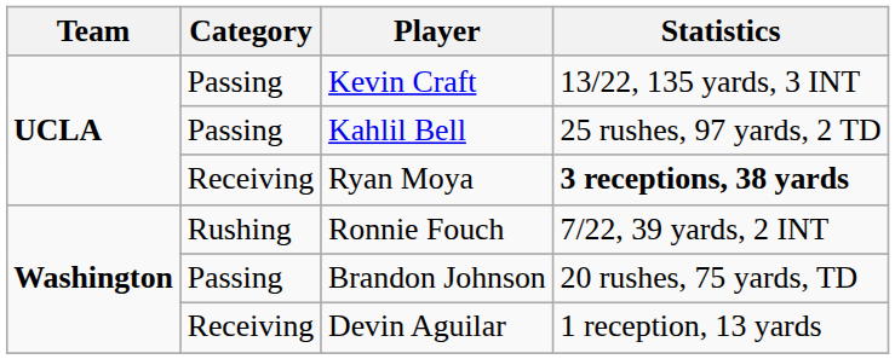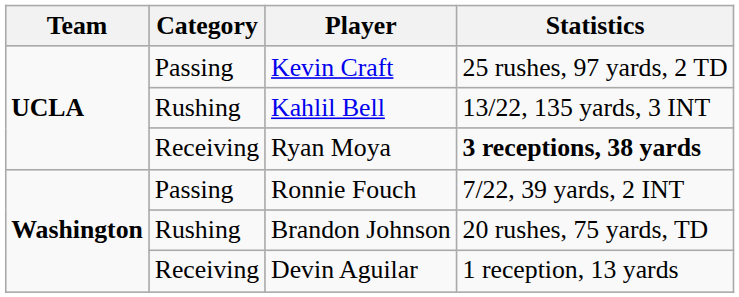 <table class="wikitable" style="float: right;">
 <tr>
 <th>Team</th>
 <th>Category</th>
 <th>Player</th>
 <th>Statistics</th>
 </tr>
 <tr>
 <td rowspan=3><strong>UCLA</strong></td>
 <td>Passing</td>
 <td><a href='#'>Kevin Craft</a></td>
-<td>13/22, 135 yards, 3 INT</td>
+<td>25 rushes, 97 yards, 2 TD</td>
 </tr>
 <tr>
-<td>Passing</td>
+<td>Rushing</td>
 <td><a href='#'>Kahlil Bell</a></td>
-<td>25 rushes, 97 yards, 2 TD</td>
+<td>13/22, 135 yards, 3 INT</td>
 </tr>
 <tr>
 <td>Receiving</td>
 <td>Ryan Moya</td>
 <td><strong>3 receptions, 38 yards</strong></td>
 </tr>
 <tr>
 <td rowspan=3><strong>Washington</strong></td>
-<td>Rushing</td>
+<td>Passing</td>
 <td>Ronnie Fouch</td>
 <td>7/22, 39 yards, 2 INT</td>
 </tr>
 <tr>
-<td>Passing</td>
+<td>Rushing</td>
 <td>Brandon Johnson</td>
 <td>20 rushes, 75 yards, TD</td>
 </tr>
 <tr>
 <td>Receiving</td>
 <td>Devin Aguilar</td>
 <td>1 reception, 13 yards</td>
 </tr>
 </table>
